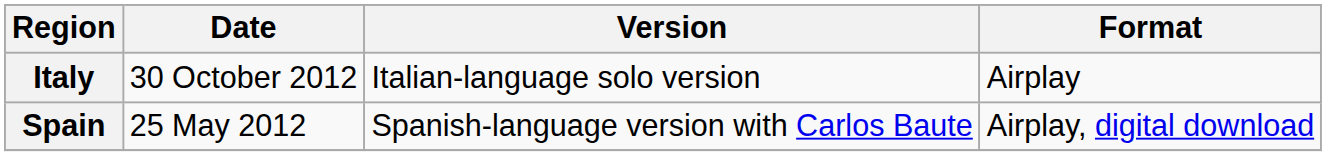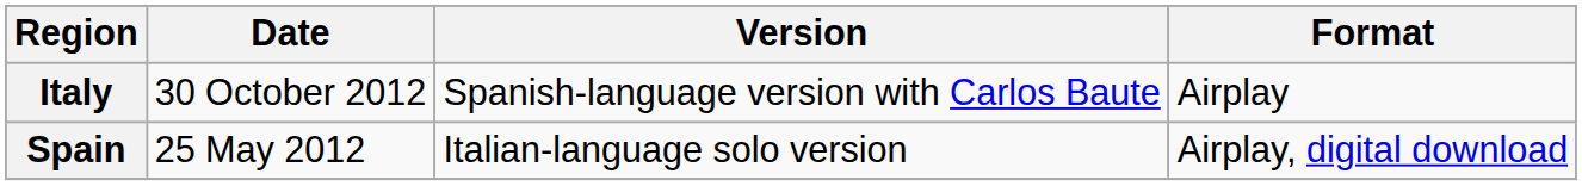 <table class="wikitable plainrowheaders">
 <tr>
 <th>Region</th>
 <th>Date</th>
 <th>Version</th>
 <th>Format</th>
 </tr>
 <tr>
 <th scope="row">Italy</th>
 <td>30 October 2012</td>
-<td>Italian-language solo version</td>
+<td>Spanish-language version with <a href='#'>Carlos Baute</a></td>
 <td>Airplay</td>
 </tr>
 <tr>
 <th scope="row">Spain</th>
 <td>25 May 2012</td>
-<td>Spanish-language version with <a href='#'>Carlos Baute</a></td>
+<td>Italian-language solo version</td>
 <td>Airplay, <a href='#'>digital download</a></td>
 </tr>
 <tr>
 </tr>
 </table>
